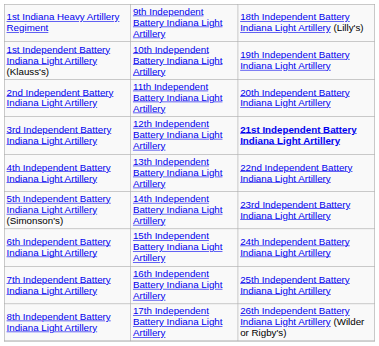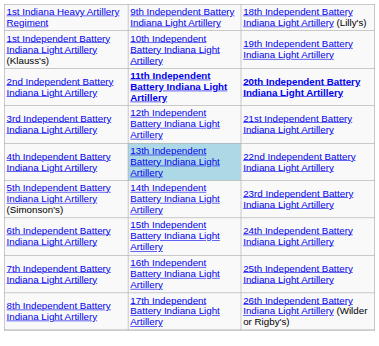 <table class="wikitable">
 <tr>
 <td><a href='#'>1st Indiana Heavy Artillery Regiment</a></td>
 <td><a href='#'>9th Independent Battery Indiana Light Artillery</a></td>
 <td><a href='#'>18th Independent Battery Indiana Light Artillery</a> (Lilly's)</td>
 </tr>
 <tr>
 <td><a href='#'>1st Independent Battery Indiana Light Artillery</a> (Klauss's)</td>
 <td><a href='#'>10th Independent Battery Indiana Light Artillery</a></td>
 <td><a href='#'>19th Independent Battery Indiana Light Artillery</a></td>
 </tr>
 <tr>
 <td><a href='#'>2nd Independent Battery Indiana Light Artillery</a></td>
-<td><a href='#'>11th Independent Battery Indiana Light Artillery</a></td>
-<td><a href='#'>20th Independent Battery Indiana Light Artillery</a></td>
+<td><strong><a href='#'>11th Independent Battery Indiana Light Artillery</a></strong></td>
+<td><strong><a href='#'>20th Independent Battery Indiana Light Artillery</a></strong></td>
 </tr>
 <tr>
 <td><a href='#'>3rd Independent Battery Indiana Light Artillery</a></td>
 <td><a href='#'>12th Independent Battery Indiana Light Artillery</a></td>
-<td><strong><a href='#'>21st Independent Battery Indiana Light Artillery</a></strong></td>
+<td><a href='#'>21st Independent Battery Indiana Light Artillery</a></td>
 </tr>
 <tr>
 <td><a href='#'>4th Independent Battery Indiana Light Artillery</a></td>
-<td><a href='#'>13th Independent Battery Indiana Light Artillery</a></td>
+<td style="background: lightblue;"><a href='#'>13th Independent Battery Indiana Light Artillery</a></td>
 <td><a href='#'>22nd Independent Battery Indiana Light Artillery</a></td>
 </tr>
 <tr>
 <td><a href='#'>5th Independent Battery Indiana Light Artillery</a> (Simonson's)</td>
 <td><a href='#'>14th Independent Battery Indiana Light Artillery</a></td>
 <td><a href='#'>23rd Independent Battery Indiana Light Artillery</a></td>
 </tr>
 <tr>
 <td><a href='#'>6th Independent Battery Indiana Light Artillery</a></td>
 <td><a href='#'>15th Independent Battery Indiana Light Artillery</a></td>
 <td><a href='#'>24th Independent Battery Indiana Light Artillery</a></td>
 </tr>
 <tr>
 <td><a href='#'>7th Independent Battery Indiana Light Artillery</a></td>
 <td><a href='#'>16th Independent Battery Indiana Light Artillery</a></td>
 <td><a href='#'>25th Independent Battery Indiana Light Artillery</a></td>
 </tr>
 <tr>
 <td><a href='#'>8th Independent Battery Indiana Light Artillery</a></td>
 <td><a href='#'>17th Independent Battery Indiana Light Artillery</a></td>
 <td><a href='#'>26th Independent Battery Indiana Light Artillery</a> (Wilder or Rigby's)</td>
 </tr>
 <tr>
 </tr>
 </table>
